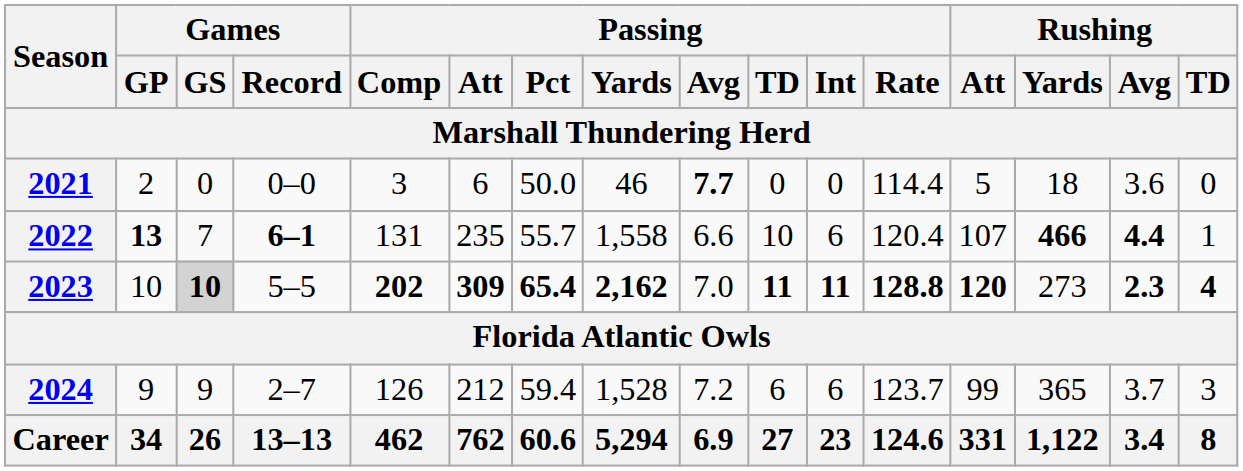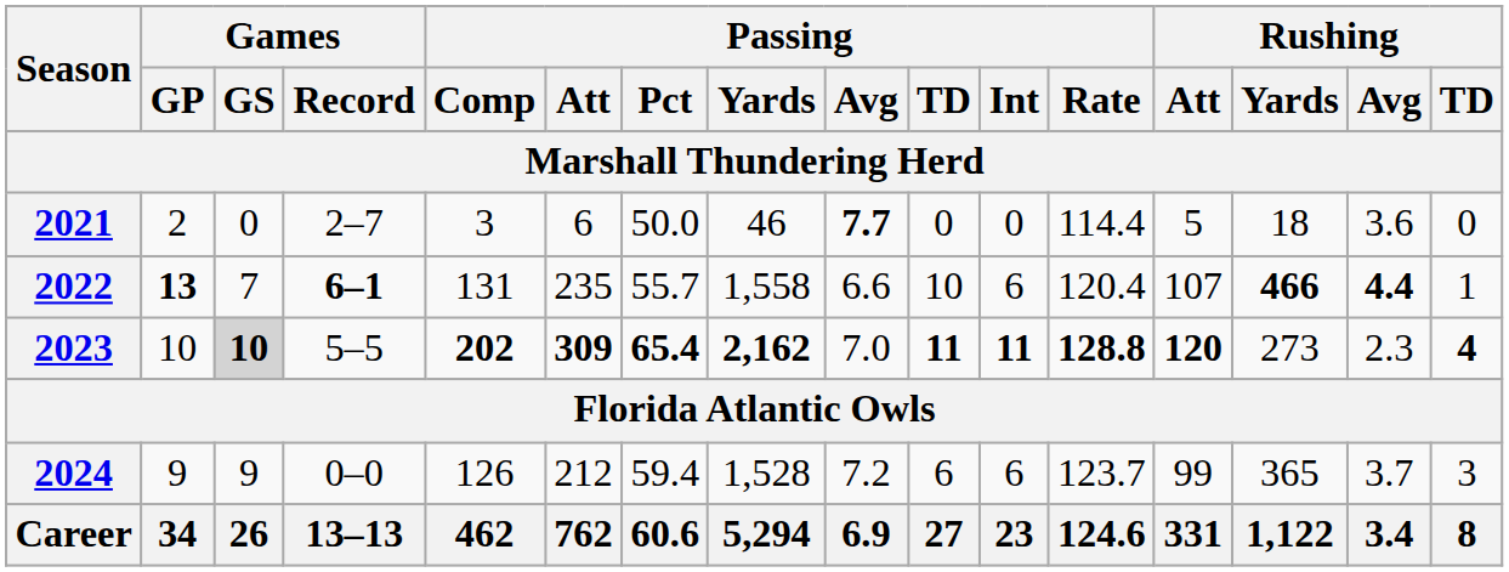 <table class="wikitable" style="text-align:center;">
 <tr>
 <th rowspan="2">Season</th>
 <th colspan="3">Games</th>
 <th colspan="8">Passing</th>
 <th colspan="5">Rushing</th>
 </tr>
 <tr>
 <th>GP</th>
 <th>GS</th>
 <th>Record</th>
 <th>Comp</th>
 <th>Att</th>
 <th>Pct</th>
 <th>Yards</th>
 <th>Avg</th>
 <th>TD</th>
 <th>Int</th>
 <th>Rate</th>
 <th>Att</th>
 <th>Yards</th>
 <th>Avg</th>
 <th>TD</th>
 </tr>
 <tr>
 <th colspan="16">Marshall Thundering Herd</th>
 </tr>
 <tr>
 <th><a href='#'>2021</a></th>
 <td>2</td>
 <td>0</td>
-<td>0–0</td>
+<td>2–7</td>
 <td>3</td>
 <td>6</td>
 <td>50.0</td>
 <td>46</td>
 <td><strong>7.7</strong></td>
 <td>0</td>
 <td>0</td>
 <td>114.4</td>
 <td>5</td>
 <td>18</td>
 <td>3.6</td>
 <td>0</td>
 </tr>
 <tr>
 <th><a href='#'>2022</a></th>
 <td><strong>13</strong></td>
 <td>7</td>
 <td><strong>6–1</strong></td>
 <td>131</td>
 <td>235</td>
 <td>55.7</td>
 <td>1,558</td>
 <td>6.6</td>
 <td>10</td>
 <td>6</td>
 <td>120.4</td>
 <td>107</td>
 <td><strong>466</strong></td>
 <td><strong>4.4</strong></td>
 <td>1</td>
 </tr>
 <tr>
 <th><a href='#'>2023</a></th>
 <td>10</td>
 <td style="background: lightgrey;"><strong>10</strong></td>
 <td>5–5</td>
 <td><strong>202</strong></td>
 <td><strong>309</strong></td>
 <td><strong>65.4</strong></td>
 <td><strong>2,162</strong></td>
 <td>7.0</td>
 <td><strong>11</strong></td>
 <td><strong>11</strong></td>
 <td><strong>128.8</strong></td>
 <td><strong>120</strong></td>
 <td>273</td>
-<td><strong>2.3</strong></td>
+<td>2.3</td>
 <td><strong>4</strong></td>
 </tr>
 <tr>
 <th colspan="16">Florida Atlantic Owls</th>
 </tr>
 <tr>
 <th><a href='#'>2024</a></th>
 <td>9</td>
 <td>9</td>
-<td>2–7</td>
+<td>0–0</td>
 <td>126</td>
 <td>212</td>
 <td>59.4</td>
 <td>1,528</td>
 <td>7.2</td>
 <td>6</td>
 <td>6</td>
 <td>123.7</td>
 <td>99</td>
 <td>365</td>
 <td>3.7</td>
 <td>3</td>
 </tr>
 <tr>
 <th>Career</th>
 <th>34</th>
 <th>26</th>
 <th>13–13</th>
 <th>462</th>
 <th>762</th>
 <th>60.6</th>
 <th>5,294</th>
 <th>6.9</th>
 <th>27</th>
 <th>23</th>
 <th>124.6</th>
 <th>331</th>
 <th>1,122</th>
 <th>3.4</th>
 <th>8</th>
 </tr>
 </table>
